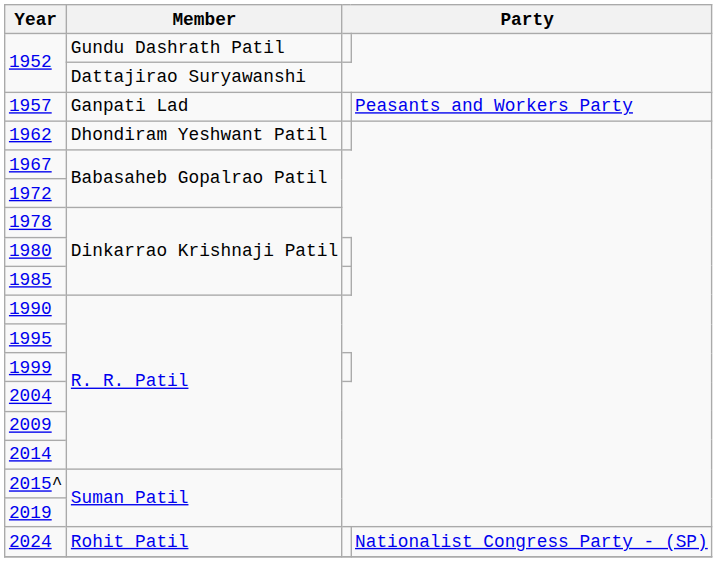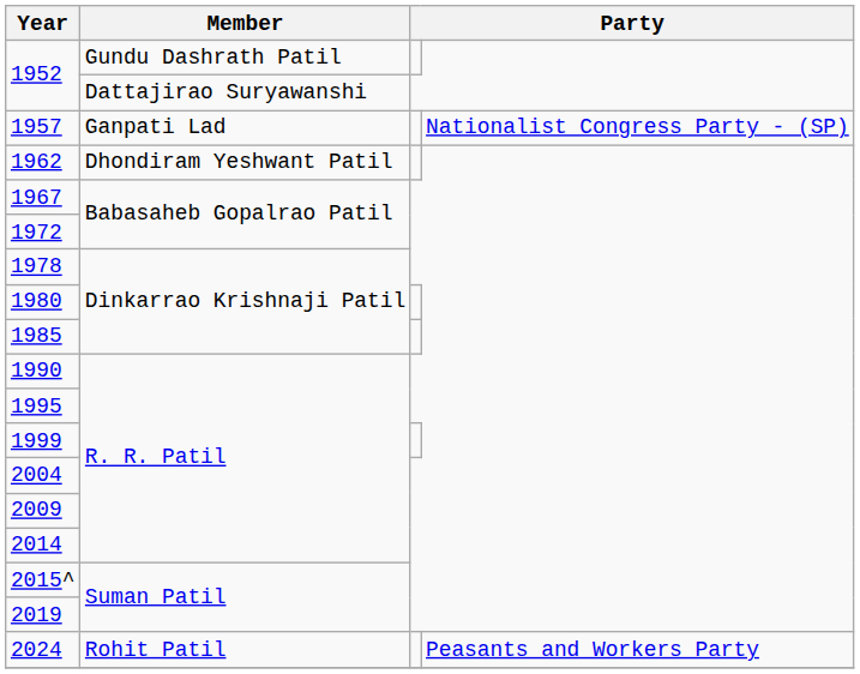 <table class="wikitable">
 <tr>
 <th>Year</th>
 <th>Member</th>
 <th colspan=2>Party</th>
 </tr>
 <tr>
 <td rowspan="2"><a href='#'>1952</a></td>
 <td>Gundu Dashrath Patil</td>
 <td></td>
 </tr>
 <tr>
 <td>Dattajirao Suryawanshi</td>
 </tr>
 <tr>
 <td><a href='#'>1957</a></td>
 <td>Ganpati Lad</td>
 <td style="background-color: "></td>
-<td><a href='#'>Peasants and Workers Party</a></td>
+<td><a href='#'>Nationalist Congress Party - (SP)</a></td>
 </tr>
 <tr>
 <td><a href='#'>1962</a></td>
 <td>Dhondiram Yeshwant Patil</td>
 <td></td>
 </tr>
 <tr>
 <td><a href='#'>1967</a></td>
 <td rowspan="2">Babasaheb Gopalrao Patil</td>
 </tr>
 <tr>
 <td><a href='#'>1972</a></td>
 </tr>
 <tr>
 <td><a href='#'>1978</a></td>
 <td rowspan="3">Dinkarrao Krishnaji Patil</td>
 </tr>
 <tr>
 <td><a href='#'>1980</a></td>
 <td></td>
 </tr>
 <tr>
 <td><a href='#'>1985</a></td>
 <td></td>
 </tr>
 <tr>
 <td><a href='#'>1990</a></td>
 <td rowspan="6"><a href='#'>R. R. Patil</a></td>
 </tr>
 <tr>
 <td><a href='#'>1995</a></td>
 </tr>
 <tr>
 <td><a href='#'>1999</a></td>
 <td></td>
 </tr>
 <tr>
 <td><a href='#'>2004</a></td>
 </tr>
 <tr>
 <td><a href='#'>2009</a></td>
 </tr>
 <tr>
 <td><a href='#'>2014</a></td>
 </tr>
 <tr>
 <td><a href='#'>2015</a>^</td>
 <td rowspan="2"><a href='#'>Suman Patil</a></td>
 </tr>
 <tr>
 <td><a href='#'>2019</a></td>
 </tr>
 <tr>
 <td><a href='#'>2024</a></td>
 <td><a href='#'>Rohit Patil</a></td>
 <td style="background-color: "></td>
-<td><a href='#'>Nationalist Congress Party - (SP)</a></td>
+<td><a href='#'>Peasants and Workers Party</a></td>
 </tr>
 <tr>
 </tr>
 </table>
